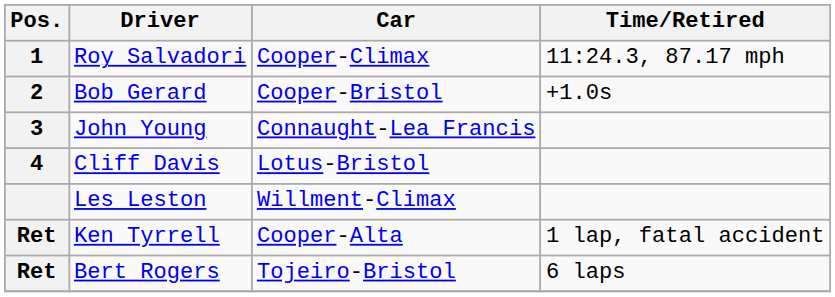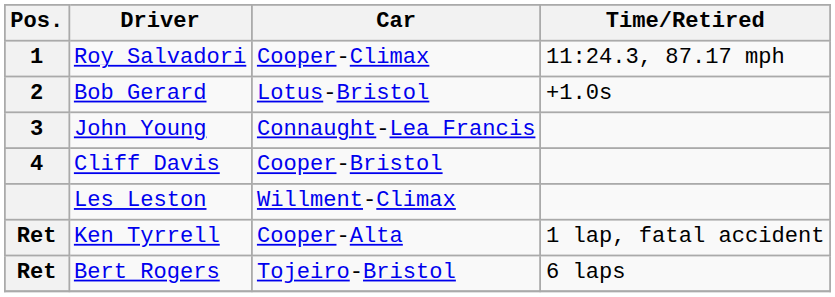 <table class="wikitable" style="font-size: 95%;">
 <tr>
 <th>Pos.</th>
 <th>Driver</th>
 <th>Car</th>
 <th>Time/Retired</th>
 </tr>
 <tr>
 <th>1</th>
 <td><a href='#'>Roy Salvadori</a></td>
 <td><a href='#'>Cooper</a>-<a href='#'>Climax</a></td>
 <td>11:24.3, 87.17 mph</td>
 </tr>
 <tr>
 <th>2</th>
 <td><a href='#'>Bob Gerard</a></td>
-<td><a href='#'>Cooper</a>-<a href='#'>Bristol</a></td>
+<td><a href='#'>Lotus</a>-<a href='#'>Bristol</a></td>
 <td>+1.0s</td>
 </tr>
 <tr>
 <th>3</th>
 <td><a href='#'>John Young</a></td>
 <td><a href='#'>Connaught</a>-<a href='#'>Lea Francis</a></td>
 <td></td>
 </tr>
 <tr>
 <th>4</th>
 <td><a href='#'>Cliff Davis</a></td>
-<td><a href='#'>Lotus</a>-<a href='#'>Bristol</a></td>
+<td><a href='#'>Cooper</a>-<a href='#'>Bristol</a></td>
 <td></td>
 </tr>
 <tr>
 <th></th>
 <td><a href='#'>Les Leston</a></td>
 <td><a href='#'>Willment</a>-<a href='#'>Climax</a></td>
 <td></td>
 </tr>
 <tr>
 <th>Ret</th>
 <td><a href='#'>Ken Tyrrell</a></td>
 <td><a href='#'>Cooper</a>-<a href='#'>Alta</a></td>
 <td>1 lap, fatal accident</td>
 </tr>
 <tr>
 <th>Ret</th>
 <td><a href='#'>Bert Rogers</a></td>
 <td><a href='#'>Tojeiro</a>-<a href='#'>Bristol</a></td>
 <td>6 laps</td>
 </tr>
 <tr>
 </tr>
 </table>
